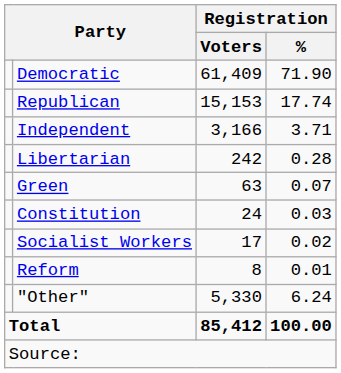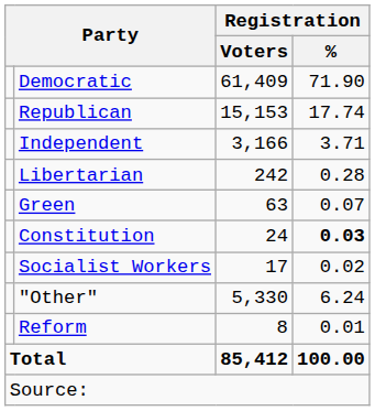 <table class="wikitable">
 <tr>
 <th colspan="2" rowspan="2">Party</th>
 <th colspan="2">Registration</th>
 </tr>
 <tr>
 <th>Voters</th>
 <th>%</th>
 </tr>
 <tr>
 <td style="background-color:"></td>
 <td><a href='#'>Democratic</a></td>
 <td style="text-align:right;">61,409</td>
 <td style="text-align:right;">71.90</td>
 </tr>
 <tr>
 <td style="background-color:"></td>
 <td><a href='#'>Republican</a></td>
 <td style="text-align:right;">15,153</td>
 <td style="text-align:right;">17.74</td>
 </tr>
 <tr>
 <td style="background-color:"></td>
 <td><a href='#'>Independent</a></td>
 <td style="text-align:right;">3,166</td>
 <td style="text-align:right;">3.71</td>
 </tr>
 <tr>
 <td style="background-color:"></td>
 <td><a href='#'>Libertarian</a></td>
 <td style="text-align:right;">242</td>
 <td style="text-align:right;">0.28</td>
 </tr>
 <tr>
 <td style="background-color:"></td>
 <td><a href='#'>Green</a></td>
 <td style="text-align:right;">63</td>
 <td style="text-align:right;">0.07</td>
 </tr>
 <tr>
 <td style="background-color:"></td>
 <td><a href='#'>Constitution</a></td>
 <td style="text-align:right;">24</td>
-<td style="text-align:right;">0.03</td>
+<td style="text-align:right;"><strong>0.03</strong></td>
 </tr>
 <tr>
 <td style="background-color:"></td>
 <td><a href='#'>Socialist Workers</a></td>
 <td style="text-align:right;">17</td>
 <td style="text-align:right;">0.02</td>
 </tr>
 <tr>
+<td></td>
+<td>"Other"</td>
+<td style="text-align:right;">5,330</td>
+<td style="text-align:right;">6.24</td>
+</tr>
+<tr>
 <td style="background-color:"></td>
 <td><a href='#'>Reform</a></td>
 <td style="text-align:right;">8</td>
 <td style="text-align:right;">0.01</td>
-</tr>
-<tr>
-<td></td>
-<td>"Other"</td>
-<td style="text-align:right;">5,330</td>
-<td style="text-align:right;">6.24</td>
 </tr>
 <tr>
 <td colspan="2"><strong>Total</strong></td>
 <td style="text-align:right;"><strong>85,412</strong></td>
 <td style="text-align:right;"><strong>100.00</strong></td>
 </tr>
 <tr>
 <td colspan="4">Source: <em></em></td>
 </tr>
 </table>
